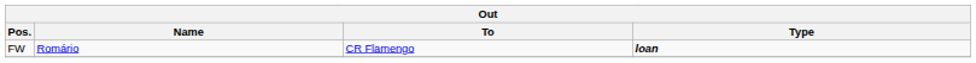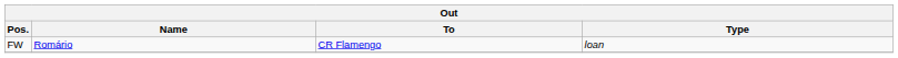 <table class="wikitable" style="font-size:90%;width:99%;">
 <tr>
 <th colspan="4">Out</th>
 </tr>
 <tr>
 <th width=3%>Pos.</th>
 <th width=32%>Name</th>
 <th width=30%>To</th>
 <th width=35%>Type</th>
 </tr>
 <tr>
 <td>FW</td>
 <td><a href='#'>Romário</a></td>
 <td><a href='#'>CR Flamengo</a></td>
-<td><strong><em>loan</em></strong></td>
+<td><em>loan</em></td>
 </tr>
 <tr>
 </tr>
 </table>
